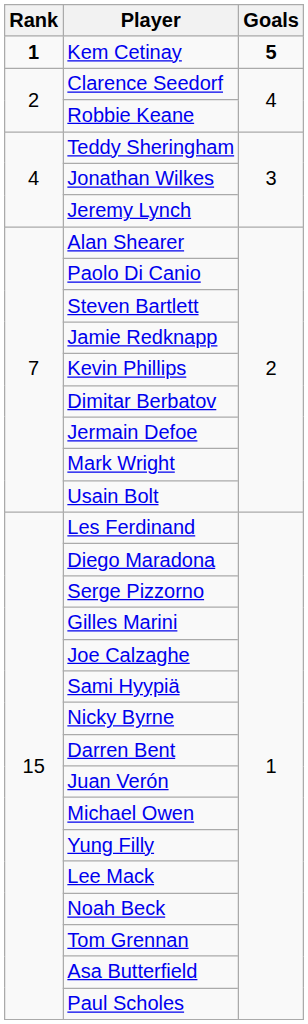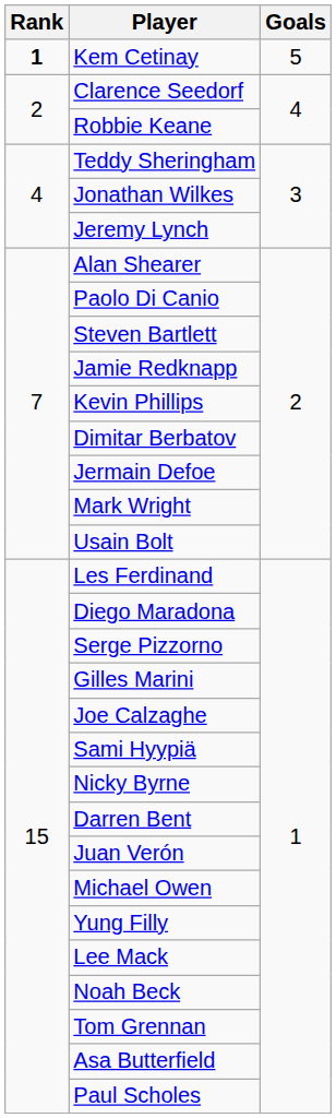 <table class="wikitable" style="text-align:center">
 <tr>
 <th>Rank</th>
 <th>Player</th>
 <th>Goals</th>
 </tr>
 <tr>
 <td><strong>1</strong></td>
 <td align="left"><a href='#'>Kem Cetinay</a></td>
-<td><strong>5</strong></td>
+<td>5</td>
 </tr>
 <tr>
 <td rowspan="2">2</td>
 <td align="left"><a href='#'>Clarence Seedorf</a></td>
 <td rowspan="2">4</td>
 </tr>
 <tr>
 <td align="left"><a href='#'>Robbie Keane</a></td>
 </tr>
 <tr>
 <td rowspan="3">4</td>
 <td align="left"><a href='#'>Teddy Sheringham</a></td>
 <td rowspan="3">3</td>
 </tr>
 <tr>
 <td align="left"><a href='#'>Jonathan Wilkes</a></td>
 </tr>
 <tr>
 <td align="left"><a href='#'>Jeremy Lynch</a></td>
 </tr>
 <tr>
 <td rowspan="9">7</td>
 <td align="left"><a href='#'>Alan Shearer</a></td>
 <td rowspan="9">2</td>
 </tr>
 <tr>
 <td align="left"><a href='#'>Paolo Di Canio</a></td>
 </tr>
 <tr>
 <td align="left"><a href='#'>Steven Bartlett</a></td>
 </tr>
 <tr>
 <td align="left"><a href='#'>Jamie Redknapp</a></td>
 </tr>
 <tr>
 <td align="left"><a href='#'>Kevin Phillips</a></td>
 </tr>
 <tr>
 <td align="left"><a href='#'>Dimitar Berbatov</a></td>
 </tr>
 <tr>
 <td align="left"><a href='#'>Jermain Defoe</a></td>
 </tr>
 <tr>
 <td align="left"><a href='#'>Mark Wright</a></td>
 </tr>
 <tr>
 <td align="left"><a href='#'>Usain Bolt</a></td>
 </tr>
 <tr>
 <td rowspan="17">15</td>
 <td align="left"><a href='#'>Les Ferdinand</a></td>
 <td rowspan="17">1</td>
 </tr>
 <tr>
 <td align="left"><a href='#'>Diego Maradona</a></td>
 </tr>
 <tr>
 <td align="left"><a href='#'>Serge Pizzorno</a></td>
 </tr>
 <tr>
 <td align="left"><a href='#'>Gilles Marini</a></td>
 </tr>
 <tr>
 <td align="left"><a href='#'>Joe Calzaghe</a></td>
 </tr>
 <tr>
 <td align="left"><a href='#'>Sami Hyypiä</a></td>
 </tr>
 <tr>
 <td align="left"><a href='#'>Nicky Byrne</a></td>
 </tr>
 <tr>
 <td align="left"><a href='#'>Darren Bent</a></td>
 </tr>
 <tr>
 <td align="left"><a href='#'>Juan Verón</a></td>
 </tr>
 <tr>
 <td align="left"><a href='#'>Michael Owen</a></td>
 </tr>
 <tr>
 <td align="left"><a href='#'>Yung Filly</a></td>
 </tr>
 <tr>
 <td align="left"><a href='#'>Lee Mack</a></td>
 </tr>
 <tr>
 <td align="left"><a href='#'>Noah Beck</a></td>
 </tr>
 <tr>
 <td align="left"><a href='#'>Tom Grennan</a></td>
 </tr>
 <tr>
 <td align="left"><a href='#'>Asa Butterfield</a></td>
 </tr>
 <tr>
 <td align="left"><a href='#'>Paul Scholes</a></td>
 </tr>
 <tr>
 </tr>
 </table>
